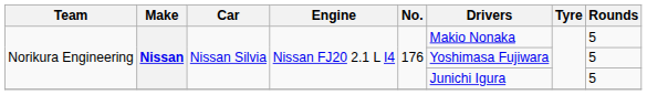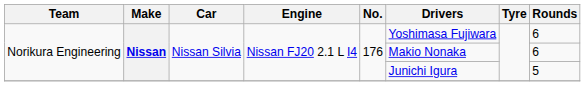 <table class="wikitable" style="font-size: 90%;">
 <tr>
 <th>Team</th>
 <th>Make</th>
 <th>Car</th>
 <th>Engine</th>
 <th>No.</th>
 <th>Drivers</th>
 <th>Tyre</th>
 <th>Rounds</th>
 </tr>
 <tr>
 <td rowspan=3>Norikura Engineering</td>
 <th rowspan=3><a href='#'>Nissan</a></th>
 <td rowspan=3><a href='#'>Nissan Silvia</a></td>
 <td rowspan=3><a href='#'>Nissan FJ20</a> 2.1 L <a href='#'>I4</a></td>
 <td rowspan=3>176</td>
-<td> <a href='#'>Makio Nonaka</a></td>
+<td> <a href='#'>Yoshimasa Fujiwara</a></td>
 <td align=center rowspan=3></td>
-<td>5</td>
+<td>6</td>
 </tr>
 <tr>
-<td> <a href='#'>Yoshimasa Fujiwara</a></td>
-<td>5</td>
+<td> <a href='#'>Makio Nonaka</a></td>
+<td>6</td>
 </tr>
 <tr>
 <td> <a href='#'>Junichi Igura</a></td>
 <td>5</td>
 </tr>
 <tr>
 </tr>
 </table>
